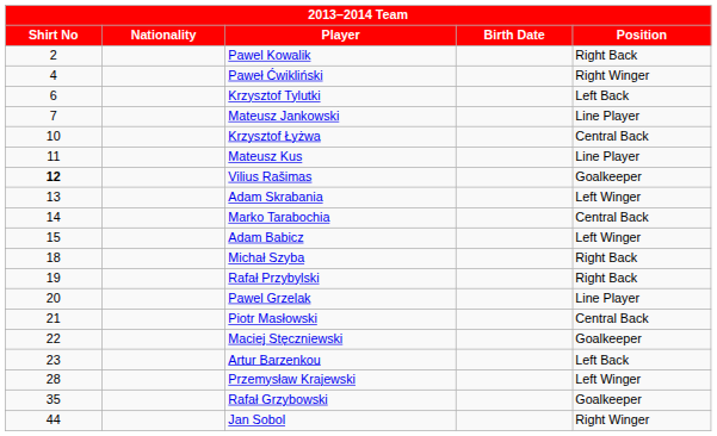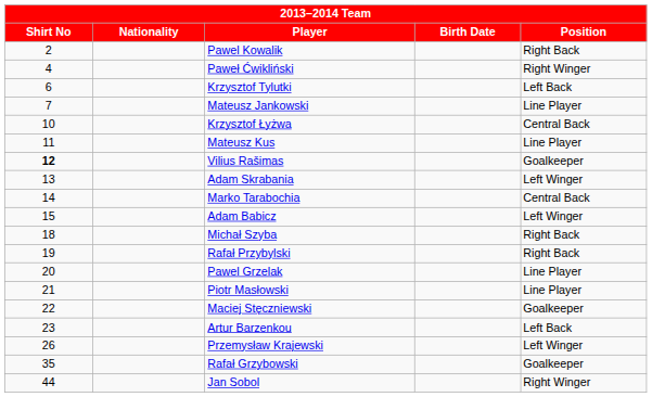 <table class="wikitable collapsible collapsed" style="width:100%">
 <tr>
 <th colspan=5 style="background-color:#FF0000;color:#FFFFFF;text-align:center;"> <strong>2013–2014 Team</strong></th>
 </tr>
 <tr>
 <th style="color:#FFFFFF; background:#FF0000">Shirt No</th>
 <th style="color:#FFFFFF; background:#FF0000">Nationality</th>
 <th style="color:#FFFFFF; background:#FF0000">Player</th>
 <th style="color:#FFFFFF; background:#FF0000">Birth Date</th>
 <th style="color:#FFFFFF; background:#FF0000">Position</th>
 </tr>
 <tr>
 <td align=center>2</td>
 <td></td>
 <td><a href='#'>Pawel Kowalik</a></td>
 <td></td>
 <td>Right Back</td>
 </tr>
 <tr>
 <td align=center>4</td>
 <td></td>
 <td><a href='#'>Paweł Ćwikliński</a></td>
 <td></td>
 <td>Right Winger</td>
 </tr>
 <tr>
 <td align=center>6</td>
 <td></td>
 <td><a href='#'>Krzysztof Tylutki</a></td>
 <td></td>
 <td>Left Back</td>
 </tr>
 <tr>
 <td align=center>7</td>
 <td></td>
 <td><a href='#'>Mateusz Jankowski</a></td>
 <td></td>
 <td>Line Player</td>
 </tr>
 <tr>
 <td align=center>10</td>
 <td></td>
 <td><a href='#'>Krzysztof Łyżwa</a></td>
 <td></td>
 <td>Central Back</td>
 </tr>
 <tr>
 <td align=center>11</td>
 <td></td>
 <td><a href='#'>Mateusz Kus</a></td>
 <td></td>
 <td>Line Player</td>
 </tr>
 <tr>
 <td align=center><strong>12</strong></td>
 <td></td>
 <td><a href='#'>Vilius Rašimas</a></td>
 <td></td>
 <td>Goalkeeper</td>
 </tr>
 <tr>
 <td align=center>13</td>
 <td></td>
 <td><a href='#'>Adam Skrabania</a></td>
 <td></td>
 <td>Left Winger</td>
 </tr>
 <tr>
 <td align=center>14</td>
 <td></td>
 <td><a href='#'>Marko Tarabochia</a></td>
 <td></td>
 <td>Central Back</td>
 </tr>
 <tr>
 <td align=center>15</td>
 <td></td>
 <td><a href='#'>Adam Babicz</a></td>
 <td></td>
 <td>Left Winger</td>
 </tr>
 <tr>
 <td align=center>18</td>
 <td></td>
 <td><a href='#'>Michał Szyba</a></td>
 <td></td>
 <td>Right Back</td>
 </tr>
 <tr>
 <td align=center>19</td>
 <td></td>
 <td><a href='#'>Rafał Przybylski</a></td>
 <td></td>
 <td>Right Back</td>
 </tr>
 <tr>
 <td align=center>20</td>
 <td></td>
 <td><a href='#'>Pawel Grzelak</a></td>
 <td></td>
 <td>Line Player</td>
 </tr>
 <tr>
 <td align=center>21</td>
 <td></td>
 <td><a href='#'>Piotr Masłowski</a></td>
 <td></td>
-<td>Central Back</td>
+<td>Line Player</td>
 </tr>
 <tr>
 <td align=center>22</td>
 <td></td>
 <td><a href='#'>Maciej Stęczniewski</a></td>
 <td></td>
 <td>Goalkeeper</td>
 </tr>
 <tr>
 <td align=center>23</td>
 <td></td>
 <td><a href='#'>Artur Barzenkou</a></td>
 <td></td>
 <td>Left Back</td>
 </tr>
 <tr>
-<td align=center>28</td>
+<td align=center>26</td>
 <td></td>
 <td><a href='#'>Przemysław Krajewski</a></td>
 <td></td>
 <td>Left Winger</td>
 </tr>
 <tr>
 <td align=center>35</td>
 <td></td>
 <td><a href='#'>Rafał Grzybowski</a></td>
 <td></td>
 <td>Goalkeeper</td>
 </tr>
 <tr>
 <td align=center>44</td>
 <td></td>
 <td><a href='#'>Jan Sobol</a></td>
 <td></td>
 <td>Right Winger</td>
 </tr>
 </table>
